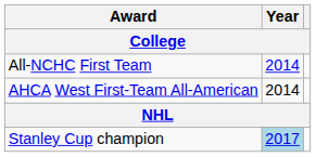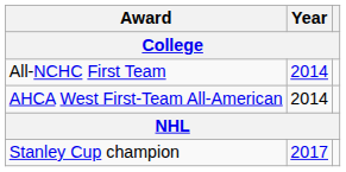 <table class="wikitable">
 <tr>
 <th>Award</th>
 <th>Year</th>
 <th></th>
 </tr>
 <tr>
 <th colspan="3"><a href='#'>College</a></th>
 </tr>
 <tr>
 <td>All-<a href='#'>NCHC</a> <a href='#'>First Team</a></td>
 <td><a href='#'>2014</a></td>
 <td></td>
 </tr>
 <tr>
 <td><a href='#'>AHCA</a> <a href='#'>West First-Team All-American</a></td>
 <td>2014</td>
 <td></td>
 </tr>
 <tr>
 <th colspan="3"><a href='#'>NHL</a></th>
 </tr>
 <tr>
 <td><a href='#'>Stanley Cup</a> champion</td>
-<td style="background: lightblue;"><a href='#'>2017</a></td>
+<td><a href='#'>2017</a></td>
 <td></td>
 </tr>
 </table>
